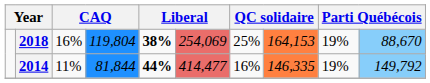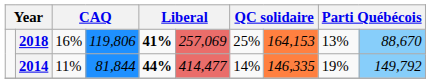 <table class="wikitable" style="float:right; width:400; font-size:90%; margin-left:1em;">
 <tr>
 <th colspan="2" scope="col">Year</th>
 <th colspan="2" scope="col"><a href='#'>CAQ</a></th>
 <th colspan="2" scope="col"><a href='#'>Liberal</a></th>
 <th colspan="2" scope="col"><a href='#'>QC solidaire</a></th>
 <th colspan="2" scope="col"><a href='#'>Parti Québécois</a></th>
 </tr>
 <tr>
 <td rowspan="2" style="width: 0.25em; background-color: "></td>
 <th><a href='#'>2018</a></th>
 <td>16%</td>
-<td style="text-align:right; background:#1E90FF;"><em>119,804</em></td>
-<td><strong>38%</strong></td>
-<td style="text-align:right; background:#EA6D6A;"><em>254,069</em></td>
+<td style="text-align:right; background:#1E90FF;"><em>119,806</em></td>
+<td><strong>41%</strong></td>
+<td style="text-align:right; background:#EA6D6A;"><em>257,069</em></td>
 <td>25%</td>
 <td style="text-align:right; background:#FF8040;"><em>164,153</em></td>
-<td>19%</td>
+<td>13%</td>
 <td style="text-align:right; background:#87CEFA;"><em>88,670</em></td>
 </tr>
 <tr>
 <th><a href='#'>2014</a></th>
 <td>11%</td>
 <td style="text-align:right; background:#1E90FF;"><em>81,844</em></td>
 <td><strong>44%</strong></td>
 <td style="text-align:right; background:#EA6D6A;"><em>414,477</em></td>
-<td>16%</td>
+<td>14%</td>
 <td style="text-align:right; background:#FF8040;"><em>146,335</em></td>
 <td>19%</td>
 <td style="text-align:right; background:#87CEFA;"><em>149,792</em></td>
 </tr>
 <tr>
 </tr>
 </table>
